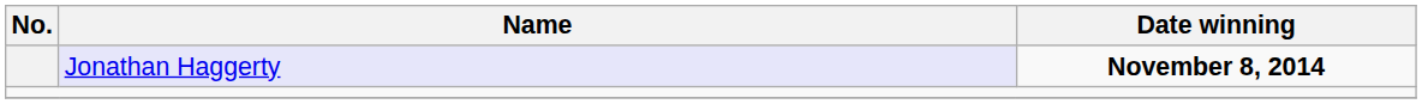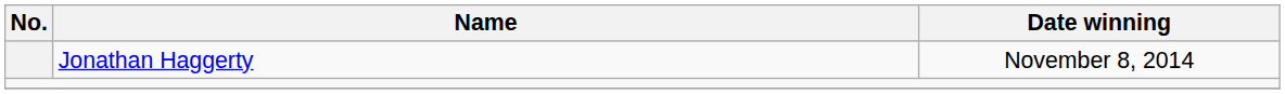 <table class="wikitable" width=100%>
 <tr>
 <th style="width:1%;">No.</th>
 <th style="width:70%;">Name</th>
 <th style="width:29%;">Date winning</th>
 </tr>
 <tr align=center>
 <th></th>
-<td align=left style="background: lavender;"> <a href='#'>Jonathan Haggerty</a></td>
-<td><strong>November 8, 2014</strong></td>
+<td align=left> <a href='#'>Jonathan Haggerty</a></td>
+<td>November 8, 2014</td>
 </tr>
 <tr>
 <td colspan="6"></td>
 </tr>
 <tr>
 </tr>
 </table>
